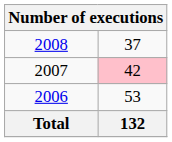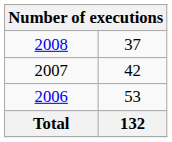 <table class="wikitable" style="text-align:center;">
 <tr>
 <th colspan="2">Number of executions</th>
 </tr>
 <tr>
 <td><a href='#'>2008</a></td>
 <td>37</td>
 </tr>
 <tr>
 <td>2007</td>
-<td style="background: pink;">42</td>
+<td>42</td>
 </tr>
 <tr>
 <td><a href='#'>2006</a></td>
 <td>53</td>
 </tr>
 <tr>
 <th>Total</th>
 <th>132</th>
 </tr>
 <tr>
 </tr>
 </table>
